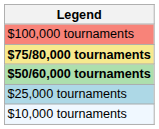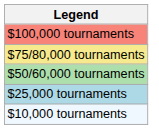 <table class=wikitable style=font-size:85%>
 <tr>
 <th>Legend</th>
 </tr>
 <tr style="background:#f88379;">
 <td>$100,000 tournaments</td>
 </tr>
 <tr style="background:#f7e98e;">
-<td><strong>$75/80,000 tournaments</strong></td>
+<td>$75/80,000 tournaments</td>
 </tr>
 <tr style="background:#addfad;">
-<td><strong>$50/60,000 tournaments</strong></td>
+<td>$50/60,000 tournaments</td>
 </tr>
 <tr style="background:lightblue;">
 <td>$25,000 tournaments</td>
 </tr>
 <tr style="background:#f0f8ff;">
 <td>$10,000 tournaments</td>
 </tr>
 </table>
